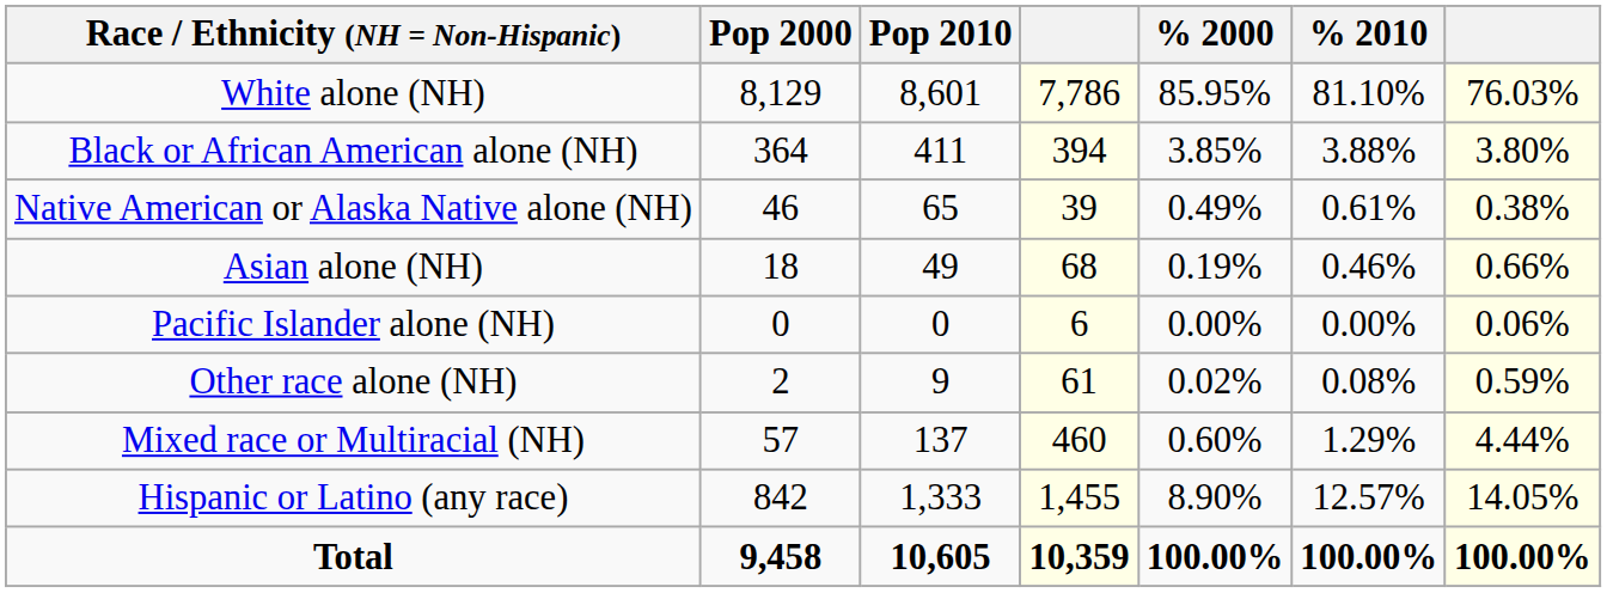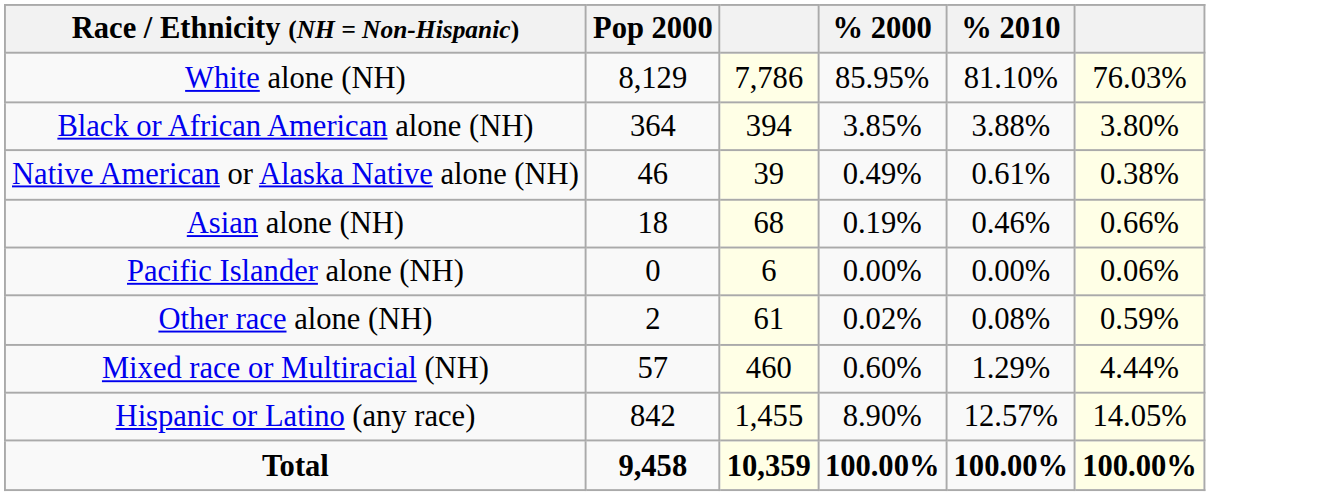 <table class="wikitable" style="text-align:center;">
 <tr>
 <th>Race / Ethnicity <small>(<em>NH = Non-Hispanic</em>)</small></th>
 <th>Pop 2000</th>
-<th>Pop 2010</th>
 <th></th>
 <th>% 2000</th>
 <th>% 2010</th>
 <th></th>
 </tr>
 <tr>
 <td><a href='#'>White</a> alone (NH)</td>
 <td>8,129</td>
-<td>8,601</td>
 <td style='background: #ffffe6;'>7,786</td>
 <td>85.95%</td>
 <td>81.10%</td>
 <td style='background: #ffffe6;'>76.03%</td>
 </tr>
 <tr>
 <td><a href='#'>Black or African American</a> alone (NH)</td>
 <td>364</td>
-<td>411</td>
 <td style='background: #ffffe6;'>394</td>
 <td>3.85%</td>
 <td>3.88%</td>
 <td style='background: #ffffe6;'>3.80%</td>
 </tr>
 <tr>
 <td><a href='#'>Native American</a> or <a href='#'>Alaska Native</a> alone (NH)</td>
 <td>46</td>
-<td>65</td>
 <td style='background: #ffffe6;'>39</td>
 <td>0.49%</td>
 <td>0.61%</td>
 <td style='background: #ffffe6;'>0.38%</td>
 </tr>
 <tr>
 <td><a href='#'>Asian</a> alone (NH)</td>
 <td>18</td>
-<td>49</td>
 <td style='background: #ffffe6;'>68</td>
 <td>0.19%</td>
 <td>0.46%</td>
 <td style='background: #ffffe6;'>0.66%</td>
 </tr>
 <tr>
 <td><a href='#'>Pacific Islander</a> alone (NH)</td>
-<td>0</td>
 <td>0</td>
 <td style='background: #ffffe6;'>6</td>
 <td>0.00%</td>
 <td>0.00%</td>
 <td style='background: #ffffe6;'>0.06%</td>
 </tr>
 <tr>
 <td><a href='#'>Other race</a> alone (NH)</td>
 <td>2</td>
-<td>9</td>
 <td style='background: #ffffe6;'>61</td>
 <td>0.02%</td>
 <td>0.08%</td>
 <td style='background: #ffffe6;'>0.59%</td>
 </tr>
 <tr>
 <td><a href='#'>Mixed race or Multiracial</a> (NH)</td>
 <td>57</td>
-<td>137</td>
 <td style='background: #ffffe6;'>460</td>
 <td>0.60%</td>
 <td>1.29%</td>
 <td style='background: #ffffe6;'>4.44%</td>
 </tr>
 <tr>
 <td><a href='#'>Hispanic or Latino</a> (any race)</td>
 <td>842</td>
-<td>1,333</td>
 <td style='background: #ffffe6;'>1,455</td>
 <td>8.90%</td>
 <td>12.57%</td>
 <td style='background: #ffffe6;'>14.05%</td>
 </tr>
 <tr>
 <td><strong>Total</strong></td>
 <td><strong>9,458</strong></td>
-<td><strong>10,605</strong></td>
 <td style='background: #ffffe6;'><strong>10,359</strong></td>
 <td><strong>100.00%</strong></td>
 <td><strong>100.00%</strong></td>
 <td style='background: #ffffe6;'><strong>100.00%</strong></td>
 </tr>
 </table>
